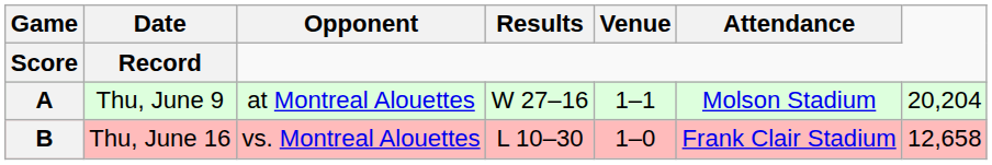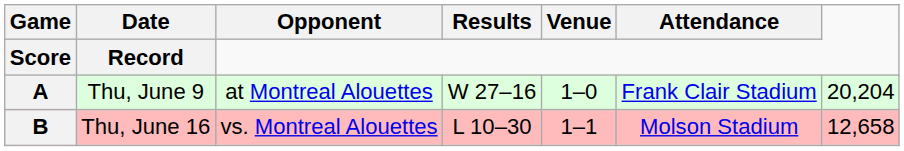 <table class="wikitable" style="text-align:center">
 <tr>
 <th>Game</th>
 <th>Date</th>
 <th>Opponent</th>
 <th>Results</th>
 <th>Venue</th>
 <th>Attendance</th>
 </tr>
 <tr>
 <th>Score</th>
 <th>Record</th>
 </tr>
 <tr style="background:#ddffdd">
 <th>A</th>
 <td>Thu, June 9</td>
 <td>at <a href='#'>Montreal Alouettes</a></td>
 <td>W 27–16</td>
-<td>1–1</td>
-<td><a href='#'>Molson Stadium</a></td>
+<td>1–0</td>
+<td><a href='#'>Frank Clair Stadium</a></td>
 <td>20,204</td>
 </tr>
 <tr style="background:#ffbbbb">
 <th>B</th>
 <td>Thu, June 16</td>
 <td>vs. <a href='#'>Montreal Alouettes</a></td>
 <td>L 10–30</td>
-<td>1–0</td>
-<td><a href='#'>Frank Clair Stadium</a></td>
+<td>1–1</td>
+<td><a href='#'>Molson Stadium</a></td>
 <td>12,658</td>
 </tr>
 </table>
